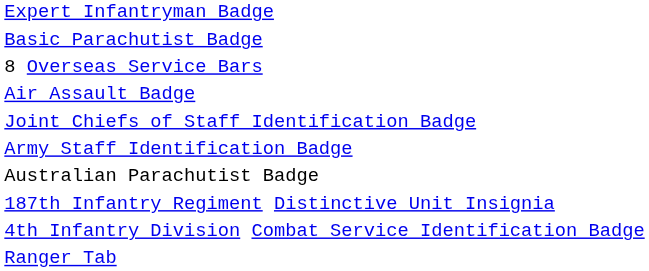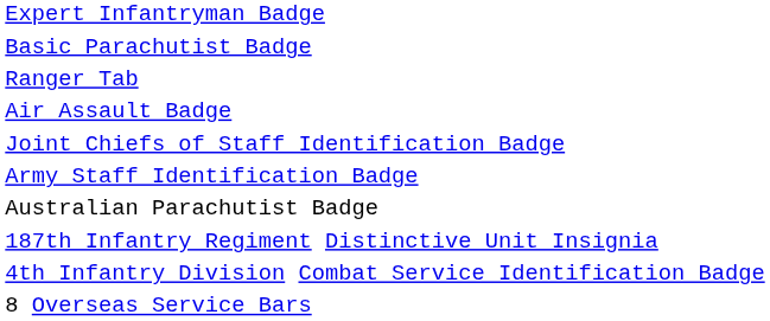 <table>
 <tr>
 <td> <a href='#'>Expert Infantryman Badge</a></td>
 </tr>
 <tr>
 <td> <a href='#'>Basic Parachutist Badge</a></td>
 </tr>
 <tr>
-<td> 8 <a href='#'>Overseas Service Bars</a></td>
+<td> <a href='#'>Ranger Tab</a></td>
 </tr>
 <tr>
 <td> <a href='#'>Air Assault Badge</a></td>
 </tr>
 <tr>
 <td> <a href='#'>Joint Chiefs of Staff Identification Badge</a></td>
 </tr>
 <tr>
 <td> <a href='#'>Army Staff Identification Badge</a></td>
 </tr>
 <tr>
 <td> Australian Parachutist Badge</td>
 </tr>
 <tr>
 <td> <a href='#'>187th Infantry Regiment</a> <a href='#'>Distinctive Unit Insignia</a></td>
 </tr>
 <tr>
 <td> <a href='#'>4th Infantry Division</a> <a href='#'>Combat Service Identification Badge</a></td>
 </tr>
 <tr>
-<td> <a href='#'>Ranger Tab</a></td>
+<td> 8 <a href='#'>Overseas Service Bars</a></td>
 </tr>
 </table>
